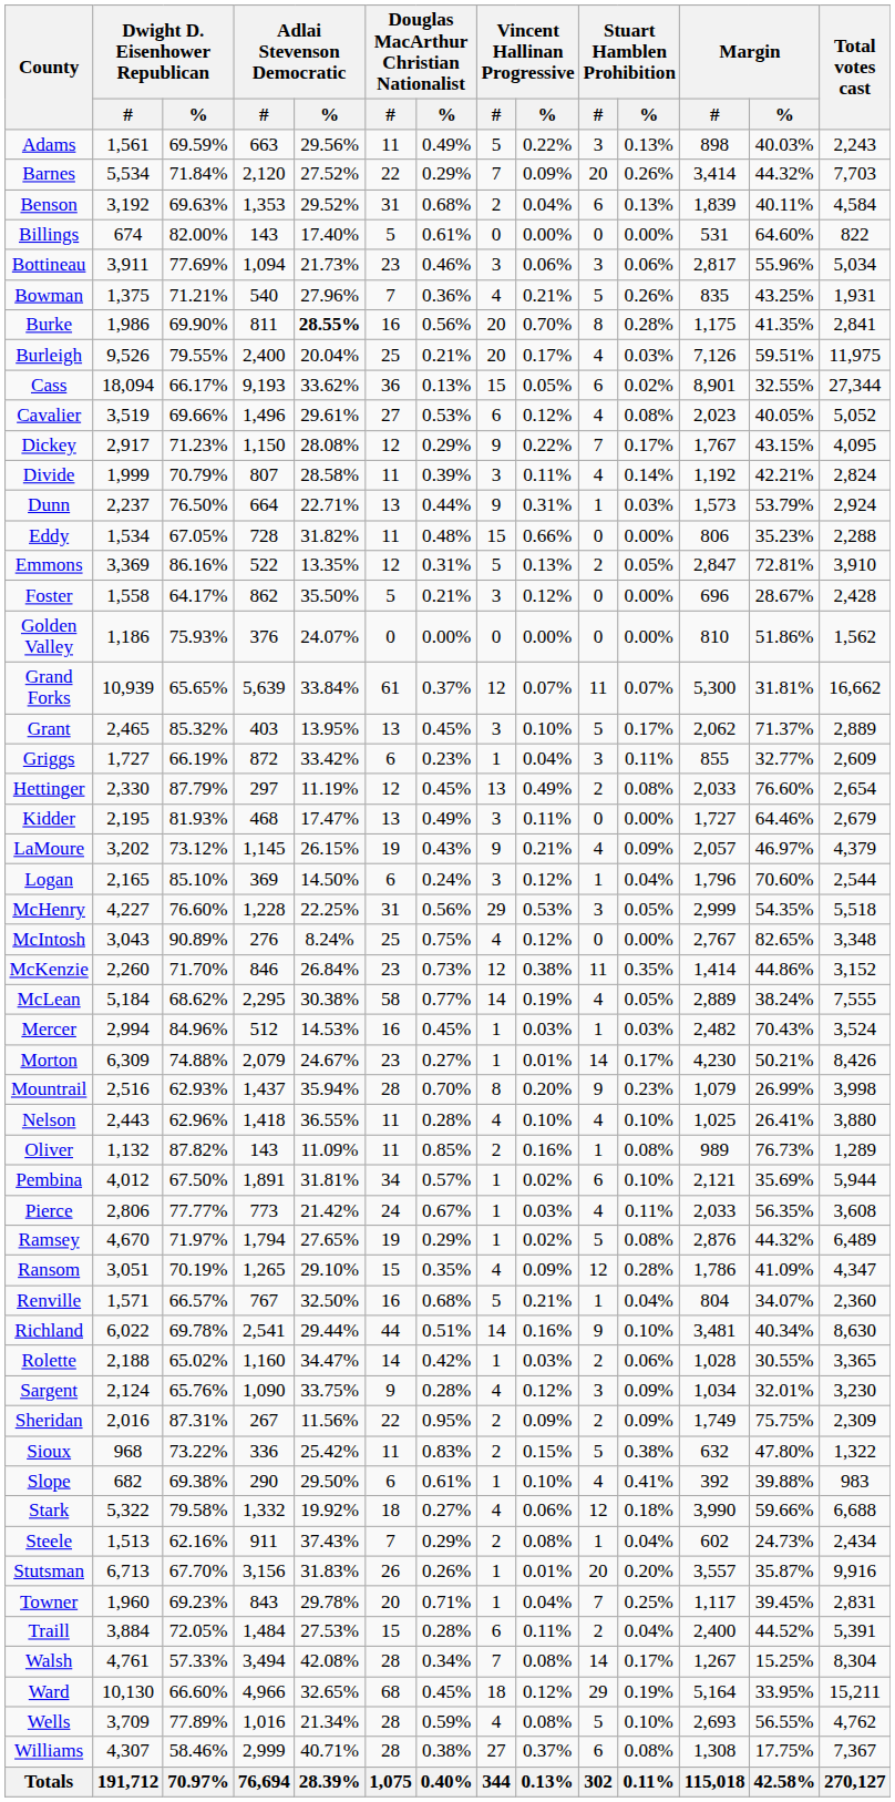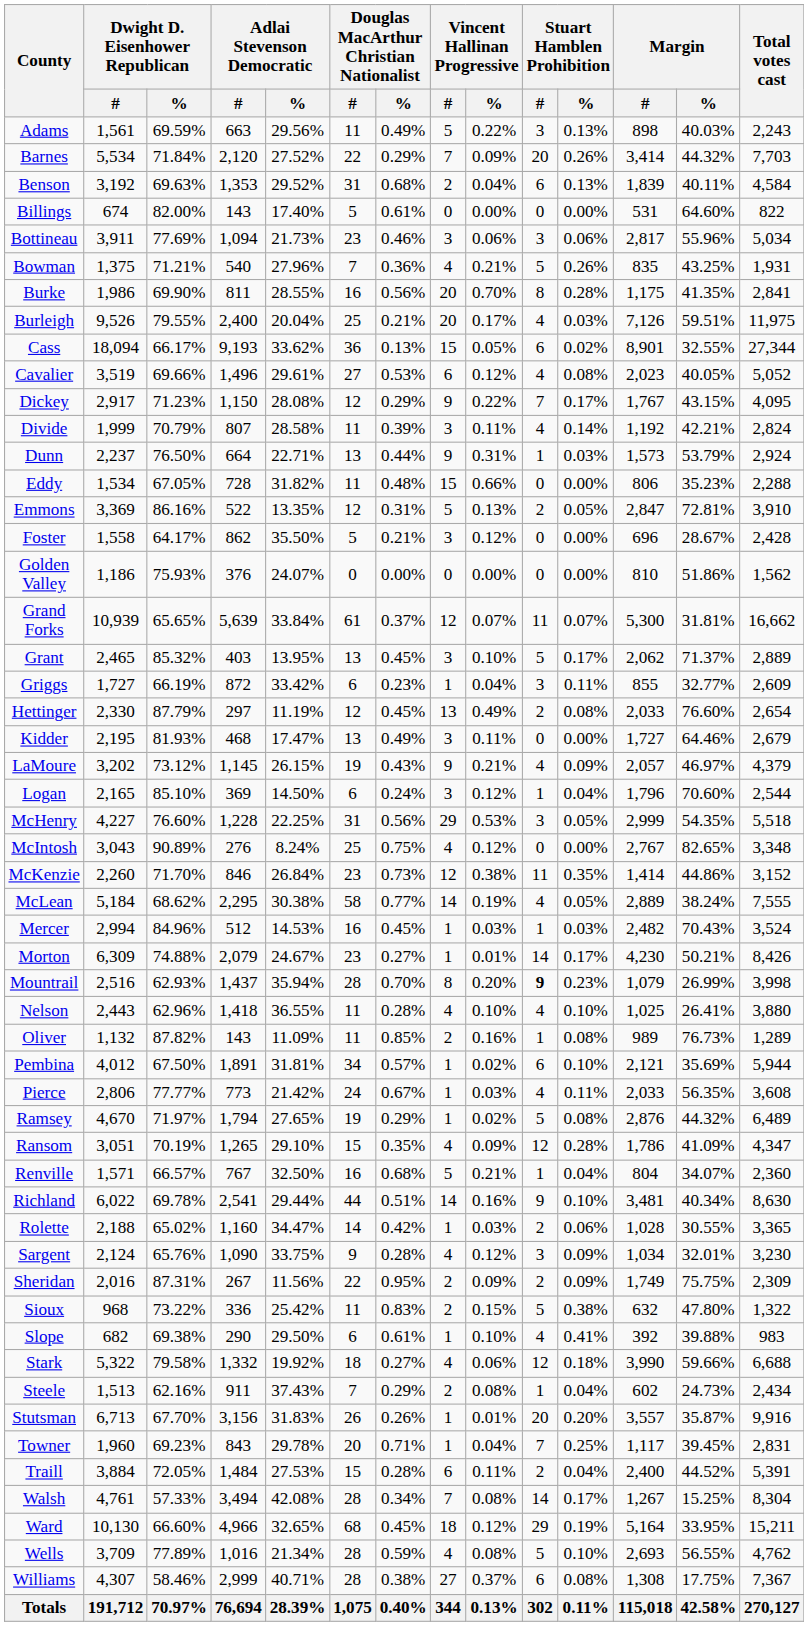 <table class="wikitable sortable">
 <tr>
 <th rowspan="2">County</th>
 <th colspan="2">Dwight D. Eisenhower<br>Republican</th>
 <th colspan="2">Adlai Stevenson<br>Democratic</th>
 <th colspan="2">Douglas MacArthur<br>Christian Nationalist</th>
 <th colspan="2">Vincent Hallinan<br>Progressive</th>
 <th colspan="2">Stuart Hamblen<br>Prohibition</th>
 <th colspan="2">Margin</th>
 <th rowspan="2">Total votes cast</th>
 </tr>
 <tr>
 <th data-sort-type="number">#</th>
 <th data-sort-type="number">%</th>
 <th data-sort-type="number">#</th>
 <th data-sort-type="number">%</th>
 <th data-sort-type="number">#</th>
 <th data-sort-type="number">%</th>
 <th data-sort-type="number">#</th>
 <th data-sort-type="number">%</th>
 <th data-sort-type="number">#</th>
 <th data-sort-type="number">%</th>
 <th data-sort-type="number">#</th>
 <th data-sort-type="number">%</th>
 </tr>
 <tr style="text-align:center;">
 <td><a href='#'>Adams</a></td>
 <td>1,561</td>
 <td>69.59%</td>
 <td>663</td>
 <td>29.56%</td>
 <td>11</td>
 <td>0.49%</td>
 <td>5</td>
 <td>0.22%</td>
 <td>3</td>
 <td>0.13%</td>
 <td>898</td>
 <td>40.03%</td>
 <td>2,243</td>
 </tr>
 <tr style="text-align:center;">
 <td><a href='#'>Barnes</a></td>
 <td>5,534</td>
 <td>71.84%</td>
 <td>2,120</td>
 <td>27.52%</td>
 <td>22</td>
 <td>0.29%</td>
 <td>7</td>
 <td>0.09%</td>
 <td>20</td>
 <td>0.26%</td>
 <td>3,414</td>
 <td>44.32%</td>
 <td>7,703</td>
 </tr>
 <tr style="text-align:center;">
 <td><a href='#'>Benson</a></td>
 <td>3,192</td>
 <td>69.63%</td>
 <td>1,353</td>
 <td>29.52%</td>
 <td>31</td>
 <td>0.68%</td>
 <td>2</td>
 <td>0.04%</td>
 <td>6</td>
 <td>0.13%</td>
 <td>1,839</td>
 <td>40.11%</td>
 <td>4,584</td>
 </tr>
 <tr style="text-align:center;">
 <td><a href='#'>Billings</a></td>
 <td>674</td>
 <td>82.00%</td>
 <td>143</td>
 <td>17.40%</td>
 <td>5</td>
 <td>0.61%</td>
 <td>0</td>
 <td>0.00%</td>
 <td>0</td>
 <td>0.00%</td>
 <td>531</td>
 <td>64.60%</td>
 <td>822</td>
 </tr>
 <tr style="text-align:center;">
 <td><a href='#'>Bottineau</a></td>
 <td>3,911</td>
 <td>77.69%</td>
 <td>1,094</td>
 <td>21.73%</td>
 <td>23</td>
 <td>0.46%</td>
 <td>3</td>
 <td>0.06%</td>
 <td>3</td>
 <td>0.06%</td>
 <td>2,817</td>
 <td>55.96%</td>
 <td>5,034</td>
 </tr>
 <tr style="text-align:center;">
 <td><a href='#'>Bowman</a></td>
 <td>1,375</td>
 <td>71.21%</td>
 <td>540</td>
 <td>27.96%</td>
 <td>7</td>
 <td>0.36%</td>
 <td>4</td>
 <td>0.21%</td>
 <td>5</td>
 <td>0.26%</td>
 <td>835</td>
 <td>43.25%</td>
 <td>1,931</td>
 </tr>
 <tr style="text-align:center;">
 <td><a href='#'>Burke</a></td>
 <td>1,986</td>
 <td>69.90%</td>
 <td>811</td>
-<td><strong>28.55%</strong></td>
+<td>28.55%</td>
 <td>16</td>
 <td>0.56%</td>
 <td>20</td>
 <td>0.70%</td>
 <td>8</td>
 <td>0.28%</td>
 <td>1,175</td>
 <td>41.35%</td>
 <td>2,841</td>
 </tr>
 <tr style="text-align:center;">
 <td><a href='#'>Burleigh</a></td>
 <td>9,526</td>
 <td>79.55%</td>
 <td>2,400</td>
 <td>20.04%</td>
 <td>25</td>
 <td>0.21%</td>
 <td>20</td>
 <td>0.17%</td>
 <td>4</td>
 <td>0.03%</td>
 <td>7,126</td>
 <td>59.51%</td>
 <td>11,975</td>
 </tr>
 <tr style="text-align:center;">
 <td><a href='#'>Cass</a></td>
 <td>18,094</td>
 <td>66.17%</td>
 <td>9,193</td>
 <td>33.62%</td>
 <td>36</td>
 <td>0.13%</td>
 <td>15</td>
 <td>0.05%</td>
 <td>6</td>
 <td>0.02%</td>
 <td>8,901</td>
 <td>32.55%</td>
 <td>27,344</td>
 </tr>
 <tr style="text-align:center;">
 <td><a href='#'>Cavalier</a></td>
 <td>3,519</td>
 <td>69.66%</td>
 <td>1,496</td>
 <td>29.61%</td>
 <td>27</td>
 <td>0.53%</td>
 <td>6</td>
 <td>0.12%</td>
 <td>4</td>
 <td>0.08%</td>
 <td>2,023</td>
 <td>40.05%</td>
 <td>5,052</td>
 </tr>
 <tr style="text-align:center;">
 <td><a href='#'>Dickey</a></td>
 <td>2,917</td>
 <td>71.23%</td>
 <td>1,150</td>
 <td>28.08%</td>
 <td>12</td>
 <td>0.29%</td>
 <td>9</td>
 <td>0.22%</td>
 <td>7</td>
 <td>0.17%</td>
 <td>1,767</td>
 <td>43.15%</td>
 <td>4,095</td>
 </tr>
 <tr style="text-align:center;">
 <td><a href='#'>Divide</a></td>
 <td>1,999</td>
 <td>70.79%</td>
 <td>807</td>
 <td>28.58%</td>
 <td>11</td>
 <td>0.39%</td>
 <td>3</td>
 <td>0.11%</td>
 <td>4</td>
 <td>0.14%</td>
 <td>1,192</td>
 <td>42.21%</td>
 <td>2,824</td>
 </tr>
 <tr style="text-align:center;">
 <td><a href='#'>Dunn</a></td>
 <td>2,237</td>
 <td>76.50%</td>
 <td>664</td>
 <td>22.71%</td>
 <td>13</td>
 <td>0.44%</td>
 <td>9</td>
 <td>0.31%</td>
 <td>1</td>
 <td>0.03%</td>
 <td>1,573</td>
 <td>53.79%</td>
 <td>2,924</td>
 </tr>
 <tr style="text-align:center;">
 <td><a href='#'>Eddy</a></td>
 <td>1,534</td>
 <td>67.05%</td>
 <td>728</td>
 <td>31.82%</td>
 <td>11</td>
 <td>0.48%</td>
 <td>15</td>
 <td>0.66%</td>
 <td>0</td>
 <td>0.00%</td>
 <td>806</td>
 <td>35.23%</td>
 <td>2,288</td>
 </tr>
 <tr style="text-align:center;">
 <td><a href='#'>Emmons</a></td>
 <td>3,369</td>
 <td>86.16%</td>
 <td>522</td>
 <td>13.35%</td>
 <td>12</td>
 <td>0.31%</td>
 <td>5</td>
 <td>0.13%</td>
 <td>2</td>
 <td>0.05%</td>
 <td>2,847</td>
 <td>72.81%</td>
 <td>3,910</td>
 </tr>
 <tr style="text-align:center;">
 <td><a href='#'>Foster</a></td>
 <td>1,558</td>
 <td>64.17%</td>
 <td>862</td>
 <td>35.50%</td>
 <td>5</td>
 <td>0.21%</td>
 <td>3</td>
 <td>0.12%</td>
 <td>0</td>
 <td>0.00%</td>
 <td>696</td>
 <td>28.67%</td>
 <td>2,428</td>
 </tr>
 <tr style="text-align:center;">
 <td><a href='#'>Golden Valley</a></td>
 <td>1,186</td>
 <td>75.93%</td>
 <td>376</td>
 <td>24.07%</td>
 <td>0</td>
 <td>0.00%</td>
 <td>0</td>
 <td>0.00%</td>
 <td>0</td>
 <td>0.00%</td>
 <td>810</td>
 <td>51.86%</td>
 <td>1,562</td>
 </tr>
 <tr style="text-align:center;">
 <td><a href='#'>Grand Forks</a></td>
 <td>10,939</td>
 <td>65.65%</td>
 <td>5,639</td>
 <td>33.84%</td>
 <td>61</td>
 <td>0.37%</td>
 <td>12</td>
 <td>0.07%</td>
 <td>11</td>
 <td>0.07%</td>
 <td>5,300</td>
 <td>31.81%</td>
 <td>16,662</td>
 </tr>
 <tr style="text-align:center;">
 <td><a href='#'>Grant</a></td>
 <td>2,465</td>
 <td>85.32%</td>
 <td>403</td>
 <td>13.95%</td>
 <td>13</td>
 <td>0.45%</td>
 <td>3</td>
 <td>0.10%</td>
 <td>5</td>
 <td>0.17%</td>
 <td>2,062</td>
 <td>71.37%</td>
 <td>2,889</td>
 </tr>
 <tr style="text-align:center;">
 <td><a href='#'>Griggs</a></td>
 <td>1,727</td>
 <td>66.19%</td>
 <td>872</td>
 <td>33.42%</td>
 <td>6</td>
 <td>0.23%</td>
 <td>1</td>
 <td>0.04%</td>
 <td>3</td>
 <td>0.11%</td>
 <td>855</td>
 <td>32.77%</td>
 <td>2,609</td>
 </tr>
 <tr style="text-align:center;">
 <td><a href='#'>Hettinger</a></td>
 <td>2,330</td>
 <td>87.79%</td>
 <td>297</td>
 <td>11.19%</td>
 <td>12</td>
 <td>0.45%</td>
 <td>13</td>
 <td>0.49%</td>
 <td>2</td>
 <td>0.08%</td>
 <td>2,033</td>
 <td>76.60%</td>
 <td>2,654</td>
 </tr>
 <tr style="text-align:center;">
 <td><a href='#'>Kidder</a></td>
 <td>2,195</td>
 <td>81.93%</td>
 <td>468</td>
 <td>17.47%</td>
 <td>13</td>
 <td>0.49%</td>
 <td>3</td>
 <td>0.11%</td>
 <td>0</td>
 <td>0.00%</td>
 <td>1,727</td>
 <td>64.46%</td>
 <td>2,679</td>
 </tr>
 <tr style="text-align:center;">
 <td><a href='#'>LaMoure</a></td>
 <td>3,202</td>
 <td>73.12%</td>
 <td>1,145</td>
 <td>26.15%</td>
 <td>19</td>
 <td>0.43%</td>
 <td>9</td>
 <td>0.21%</td>
 <td>4</td>
 <td>0.09%</td>
 <td>2,057</td>
 <td>46.97%</td>
 <td>4,379</td>
 </tr>
 <tr style="text-align:center;">
 <td><a href='#'>Logan</a></td>
 <td>2,165</td>
 <td>85.10%</td>
 <td>369</td>
 <td>14.50%</td>
 <td>6</td>
 <td>0.24%</td>
 <td>3</td>
 <td>0.12%</td>
 <td>1</td>
 <td>0.04%</td>
 <td>1,796</td>
 <td>70.60%</td>
 <td>2,544</td>
 </tr>
 <tr style="text-align:center;">
 <td><a href='#'>McHenry</a></td>
 <td>4,227</td>
 <td>76.60%</td>
 <td>1,228</td>
 <td>22.25%</td>
 <td>31</td>
 <td>0.56%</td>
 <td>29</td>
 <td>0.53%</td>
 <td>3</td>
 <td>0.05%</td>
 <td>2,999</td>
 <td>54.35%</td>
 <td>5,518</td>
 </tr>
 <tr style="text-align:center;">
 <td><a href='#'>McIntosh</a></td>
 <td>3,043</td>
 <td>90.89%</td>
 <td>276</td>
 <td>8.24%</td>
 <td>25</td>
 <td>0.75%</td>
 <td>4</td>
 <td>0.12%</td>
 <td>0</td>
 <td>0.00%</td>
 <td>2,767</td>
 <td>82.65%</td>
 <td>3,348</td>
 </tr>
 <tr style="text-align:center;">
 <td><a href='#'>McKenzie</a></td>
 <td>2,260</td>
 <td>71.70%</td>
 <td>846</td>
 <td>26.84%</td>
 <td>23</td>
 <td>0.73%</td>
 <td>12</td>
 <td>0.38%</td>
 <td>11</td>
 <td>0.35%</td>
 <td>1,414</td>
 <td>44.86%</td>
 <td>3,152</td>
 </tr>
 <tr style="text-align:center;">
 <td><a href='#'>McLean</a></td>
 <td>5,184</td>
 <td>68.62%</td>
 <td>2,295</td>
 <td>30.38%</td>
 <td>58</td>
 <td>0.77%</td>
 <td>14</td>
 <td>0.19%</td>
 <td>4</td>
 <td>0.05%</td>
 <td>2,889</td>
 <td>38.24%</td>
 <td>7,555</td>
 </tr>
 <tr style="text-align:center;">
 <td><a href='#'>Mercer</a></td>
 <td>2,994</td>
 <td>84.96%</td>
 <td>512</td>
 <td>14.53%</td>
 <td>16</td>
 <td>0.45%</td>
 <td>1</td>
 <td>0.03%</td>
 <td>1</td>
 <td>0.03%</td>
 <td>2,482</td>
 <td>70.43%</td>
 <td>3,524</td>
 </tr>
 <tr style="text-align:center;">
 <td><a href='#'>Morton</a></td>
 <td>6,309</td>
 <td>74.88%</td>
 <td>2,079</td>
 <td>24.67%</td>
 <td>23</td>
 <td>0.27%</td>
 <td>1</td>
 <td>0.01%</td>
 <td>14</td>
 <td>0.17%</td>
 <td>4,230</td>
 <td>50.21%</td>
 <td>8,426</td>
 </tr>
 <tr style="text-align:center;">
 <td><a href='#'>Mountrail</a></td>
 <td>2,516</td>
 <td>62.93%</td>
 <td>1,437</td>
 <td>35.94%</td>
 <td>28</td>
 <td>0.70%</td>
 <td>8</td>
 <td>0.20%</td>
-<td>9</td>
+<td><strong>9</strong></td>
 <td>0.23%</td>
 <td>1,079</td>
 <td>26.99%</td>
 <td>3,998</td>
 </tr>
 <tr style="text-align:center;">
 <td><a href='#'>Nelson</a></td>
 <td>2,443</td>
 <td>62.96%</td>
 <td>1,418</td>
 <td>36.55%</td>
 <td>11</td>
 <td>0.28%</td>
 <td>4</td>
 <td>0.10%</td>
 <td>4</td>
 <td>0.10%</td>
 <td>1,025</td>
 <td>26.41%</td>
 <td>3,880</td>
 </tr>
 <tr style="text-align:center;">
 <td><a href='#'>Oliver</a></td>
 <td>1,132</td>
 <td>87.82%</td>
 <td>143</td>
 <td>11.09%</td>
 <td>11</td>
 <td>0.85%</td>
 <td>2</td>
 <td>0.16%</td>
 <td>1</td>
 <td>0.08%</td>
 <td>989</td>
 <td>76.73%</td>
 <td>1,289</td>
 </tr>
 <tr style="text-align:center;">
 <td><a href='#'>Pembina</a></td>
 <td>4,012</td>
 <td>67.50%</td>
 <td>1,891</td>
 <td>31.81%</td>
 <td>34</td>
 <td>0.57%</td>
 <td>1</td>
 <td>0.02%</td>
 <td>6</td>
 <td>0.10%</td>
 <td>2,121</td>
 <td>35.69%</td>
 <td>5,944</td>
 </tr>
 <tr style="text-align:center;">
 <td><a href='#'>Pierce</a></td>
 <td>2,806</td>
 <td>77.77%</td>
 <td>773</td>
 <td>21.42%</td>
 <td>24</td>
 <td>0.67%</td>
 <td>1</td>
 <td>0.03%</td>
 <td>4</td>
 <td>0.11%</td>
 <td>2,033</td>
 <td>56.35%</td>
 <td>3,608</td>
 </tr>
 <tr style="text-align:center;">
 <td><a href='#'>Ramsey</a></td>
 <td>4,670</td>
 <td>71.97%</td>
 <td>1,794</td>
 <td>27.65%</td>
 <td>19</td>
 <td>0.29%</td>
 <td>1</td>
 <td>0.02%</td>
 <td>5</td>
 <td>0.08%</td>
 <td>2,876</td>
 <td>44.32%</td>
 <td>6,489</td>
 </tr>
 <tr style="text-align:center;">
 <td><a href='#'>Ransom</a></td>
 <td>3,051</td>
 <td>70.19%</td>
 <td>1,265</td>
 <td>29.10%</td>
 <td>15</td>
 <td>0.35%</td>
 <td>4</td>
 <td>0.09%</td>
 <td>12</td>
 <td>0.28%</td>
 <td>1,786</td>
 <td>41.09%</td>
 <td>4,347</td>
 </tr>
 <tr style="text-align:center;">
 <td><a href='#'>Renville</a></td>
 <td>1,571</td>
 <td>66.57%</td>
 <td>767</td>
 <td>32.50%</td>
 <td>16</td>
 <td>0.68%</td>
 <td>5</td>
 <td>0.21%</td>
 <td>1</td>
 <td>0.04%</td>
 <td>804</td>
 <td>34.07%</td>
 <td>2,360</td>
 </tr>
 <tr style="text-align:center;">
 <td><a href='#'>Richland</a></td>
 <td>6,022</td>
 <td>69.78%</td>
 <td>2,541</td>
 <td>29.44%</td>
 <td>44</td>
 <td>0.51%</td>
 <td>14</td>
 <td>0.16%</td>
 <td>9</td>
 <td>0.10%</td>
 <td>3,481</td>
 <td>40.34%</td>
 <td>8,630</td>
 </tr>
 <tr style="text-align:center;">
 <td><a href='#'>Rolette</a></td>
 <td>2,188</td>
 <td>65.02%</td>
 <td>1,160</td>
 <td>34.47%</td>
 <td>14</td>
 <td>0.42%</td>
 <td>1</td>
 <td>0.03%</td>
 <td>2</td>
 <td>0.06%</td>
 <td>1,028</td>
 <td>30.55%</td>
 <td>3,365</td>
 </tr>
 <tr style="text-align:center;">
 <td><a href='#'>Sargent</a></td>
 <td>2,124</td>
 <td>65.76%</td>
 <td>1,090</td>
 <td>33.75%</td>
 <td>9</td>
 <td>0.28%</td>
 <td>4</td>
 <td>0.12%</td>
 <td>3</td>
 <td>0.09%</td>
 <td>1,034</td>
 <td>32.01%</td>
 <td>3,230</td>
 </tr>
 <tr style="text-align:center;">
 <td><a href='#'>Sheridan</a></td>
 <td>2,016</td>
 <td>87.31%</td>
 <td>267</td>
 <td>11.56%</td>
 <td>22</td>
 <td>0.95%</td>
 <td>2</td>
 <td>0.09%</td>
 <td>2</td>
 <td>0.09%</td>
 <td>1,749</td>
 <td>75.75%</td>
 <td>2,309</td>
 </tr>
 <tr style="text-align:center;">
 <td><a href='#'>Sioux</a></td>
 <td>968</td>
 <td>73.22%</td>
 <td>336</td>
 <td>25.42%</td>
 <td>11</td>
 <td>0.83%</td>
 <td>2</td>
 <td>0.15%</td>
 <td>5</td>
 <td>0.38%</td>
 <td>632</td>
 <td>47.80%</td>
 <td>1,322</td>
 </tr>
 <tr style="text-align:center;">
 <td><a href='#'>Slope</a></td>
 <td>682</td>
 <td>69.38%</td>
 <td>290</td>
 <td>29.50%</td>
 <td>6</td>
 <td>0.61%</td>
 <td>1</td>
 <td>0.10%</td>
 <td>4</td>
 <td>0.41%</td>
 <td>392</td>
 <td>39.88%</td>
 <td>983</td>
 </tr>
 <tr style="text-align:center;">
 <td><a href='#'>Stark</a></td>
 <td>5,322</td>
 <td>79.58%</td>
 <td>1,332</td>
 <td>19.92%</td>
 <td>18</td>
 <td>0.27%</td>
 <td>4</td>
 <td>0.06%</td>
 <td>12</td>
 <td>0.18%</td>
 <td>3,990</td>
 <td>59.66%</td>
 <td>6,688</td>
 </tr>
 <tr style="text-align:center;">
 <td><a href='#'>Steele</a></td>
 <td>1,513</td>
 <td>62.16%</td>
 <td>911</td>
 <td>37.43%</td>
 <td>7</td>
 <td>0.29%</td>
 <td>2</td>
 <td>0.08%</td>
 <td>1</td>
 <td>0.04%</td>
 <td>602</td>
 <td>24.73%</td>
 <td>2,434</td>
 </tr>
 <tr style="text-align:center;">
 <td><a href='#'>Stutsman</a></td>
 <td>6,713</td>
 <td>67.70%</td>
 <td>3,156</td>
 <td>31.83%</td>
 <td>26</td>
 <td>0.26%</td>
 <td>1</td>
 <td>0.01%</td>
 <td>20</td>
 <td>0.20%</td>
 <td>3,557</td>
 <td>35.87%</td>
 <td>9,916</td>
 </tr>
 <tr style="text-align:center;">
 <td><a href='#'>Towner</a></td>
 <td>1,960</td>
 <td>69.23%</td>
 <td>843</td>
 <td>29.78%</td>
 <td>20</td>
 <td>0.71%</td>
 <td>1</td>
 <td>0.04%</td>
 <td>7</td>
 <td>0.25%</td>
 <td>1,117</td>
 <td>39.45%</td>
 <td>2,831</td>
 </tr>
 <tr style="text-align:center;">
 <td><a href='#'>Traill</a></td>
 <td>3,884</td>
 <td>72.05%</td>
 <td>1,484</td>
 <td>27.53%</td>
 <td>15</td>
 <td>0.28%</td>
 <td>6</td>
 <td>0.11%</td>
 <td>2</td>
 <td>0.04%</td>
 <td>2,400</td>
 <td>44.52%</td>
 <td>5,391</td>
 </tr>
 <tr style="text-align:center;">
 <td><a href='#'>Walsh</a></td>
 <td>4,761</td>
 <td>57.33%</td>
 <td>3,494</td>
 <td>42.08%</td>
 <td>28</td>
 <td>0.34%</td>
 <td>7</td>
 <td>0.08%</td>
 <td>14</td>
 <td>0.17%</td>
 <td>1,267</td>
 <td>15.25%</td>
 <td>8,304</td>
 </tr>
 <tr style="text-align:center;">
 <td><a href='#'>Ward</a></td>
 <td>10,130</td>
 <td>66.60%</td>
 <td>4,966</td>
 <td>32.65%</td>
 <td>68</td>
 <td>0.45%</td>
 <td>18</td>
 <td>0.12%</td>
 <td>29</td>
 <td>0.19%</td>
 <td>5,164</td>
 <td>33.95%</td>
 <td>15,211</td>
 </tr>
 <tr style="text-align:center;">
 <td><a href='#'>Wells</a></td>
 <td>3,709</td>
 <td>77.89%</td>
 <td>1,016</td>
 <td>21.34%</td>
 <td>28</td>
 <td>0.59%</td>
 <td>4</td>
 <td>0.08%</td>
 <td>5</td>
 <td>0.10%</td>
 <td>2,693</td>
 <td>56.55%</td>
 <td>4,762</td>
 </tr>
 <tr style="text-align:center;">
 <td><a href='#'>Williams</a></td>
 <td>4,307</td>
 <td>58.46%</td>
 <td>2,999</td>
 <td>40.71%</td>
 <td>28</td>
 <td>0.38%</td>
 <td>27</td>
 <td>0.37%</td>
 <td>6</td>
 <td>0.08%</td>
 <td>1,308</td>
 <td>17.75%</td>
 <td>7,367</td>
 </tr>
 <tr>
 <th>Totals</th>
 <th>191,712</th>
 <th>70.97%</th>
 <th>76,694</th>
 <th>28.39%</th>
 <th>1,075</th>
 <th>0.40%</th>
 <th>344</th>
 <th>0.13%</th>
 <th>302</th>
 <th>0.11%</th>
 <th>115,018</th>
 <th>42.58%</th>
 <th>270,127</th>
 </tr>
 </table>
